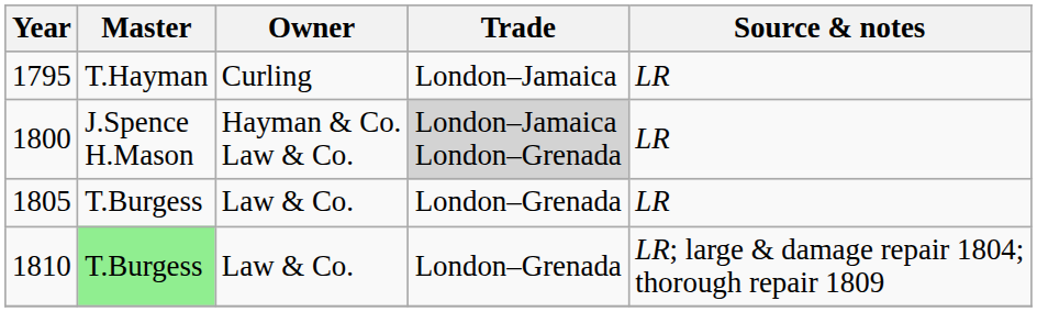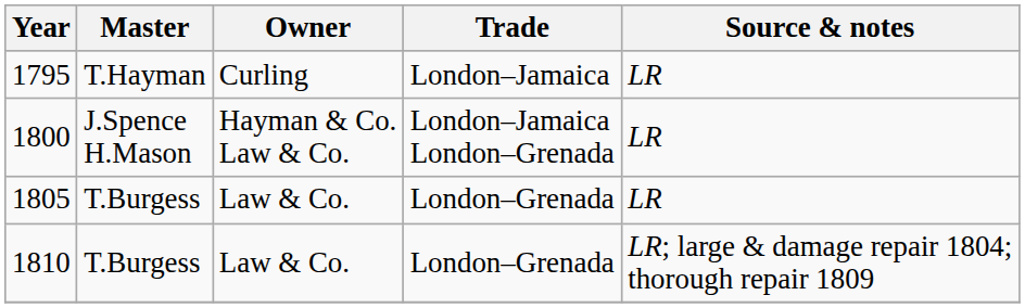 <table class="sortable wikitable">
 <tr>
 <th>Year</th>
 <th>Master</th>
 <th>Owner</th>
 <th>Trade</th>
 <th>Source & notes</th>
 </tr>
 <tr>
 <td>1795</td>
 <td>T.Hayman</td>
 <td>Curling</td>
 <td>London–Jamaica</td>
 <td><em>LR</em></td>
 </tr>
 <tr>
 <td>1800</td>
 <td>J.Spence<br>H.Mason</td>
 <td>Hayman & Co.<br>Law & Co.</td>
-<td style="background: lightgrey;">London–Jamaica<br>London–Grenada</td>
+<td>London–Jamaica<br>London–Grenada</td>
 <td><em>LR</em></td>
 </tr>
 <tr>
 <td>1805</td>
 <td>T.Burgess</td>
 <td>Law & Co.</td>
 <td>London–Grenada</td>
 <td><em>LR</em></td>
 </tr>
 <tr>
 <td>1810</td>
-<td style="background: lightgreen;">T.Burgess</td>
+<td>T.Burgess</td>
 <td>Law & Co.</td>
 <td>London–Grenada</td>
 <td><em>LR</em>; large & damage repair 1804;<br> thorough repair 1809</td>
 </tr>
 <tr>
 </tr>
 </table>
